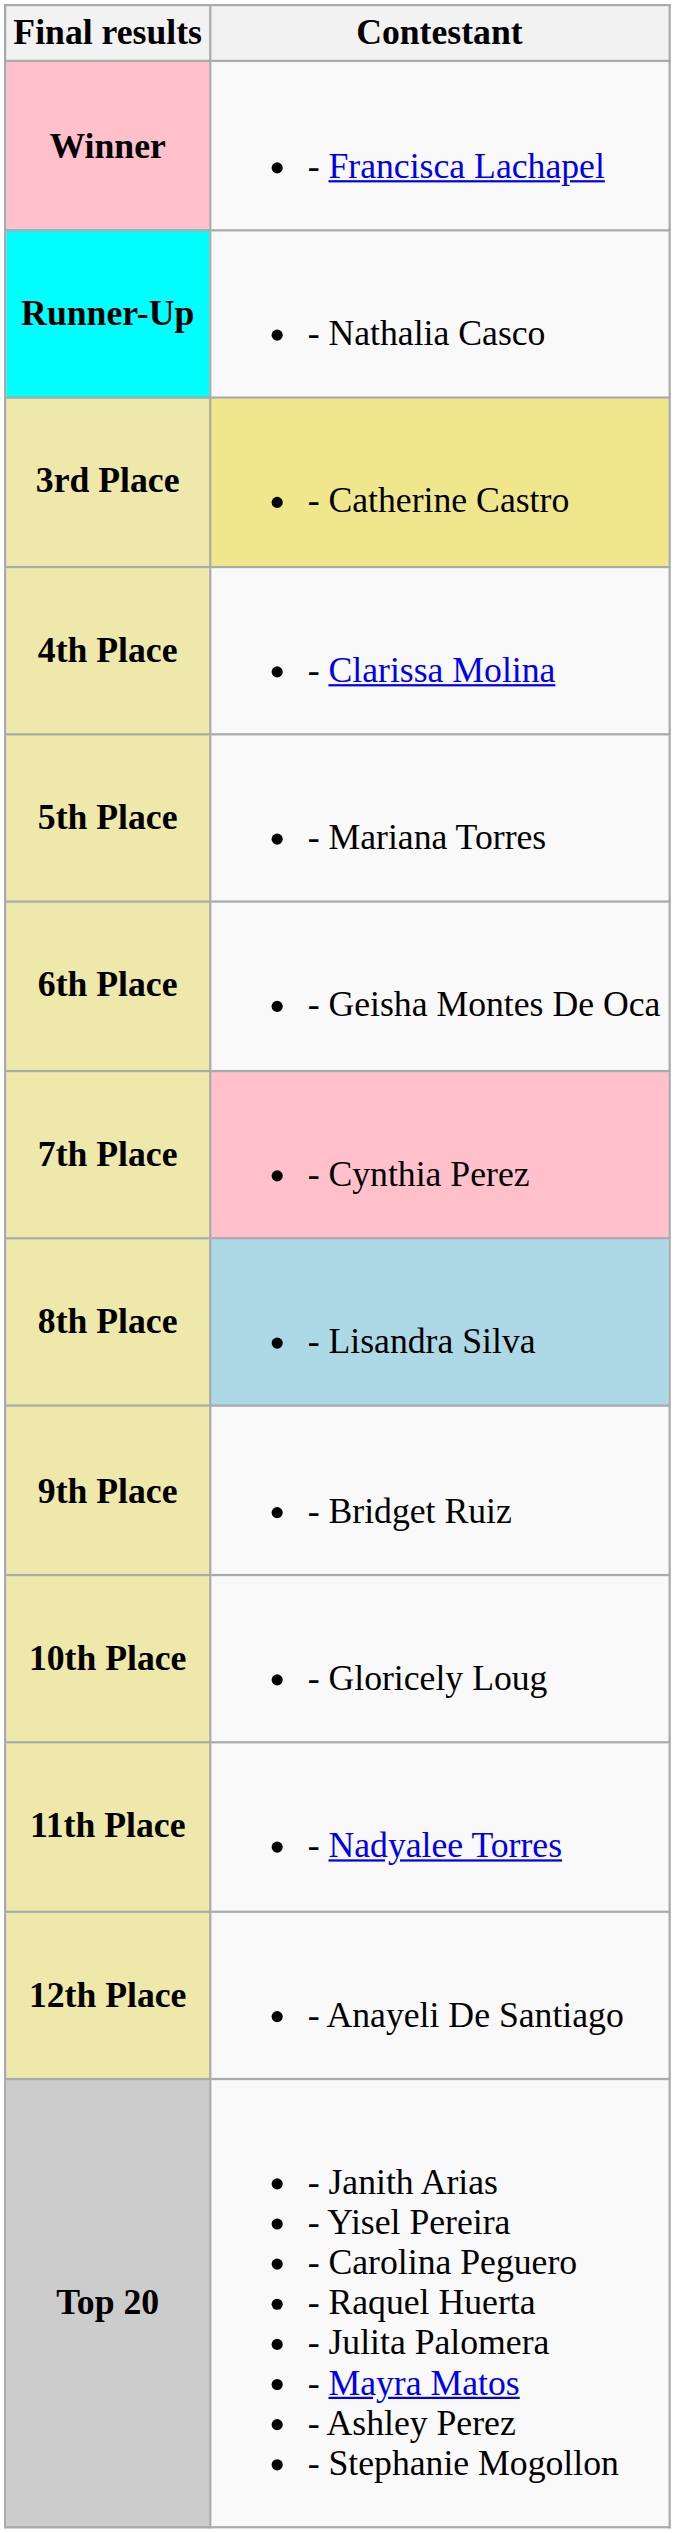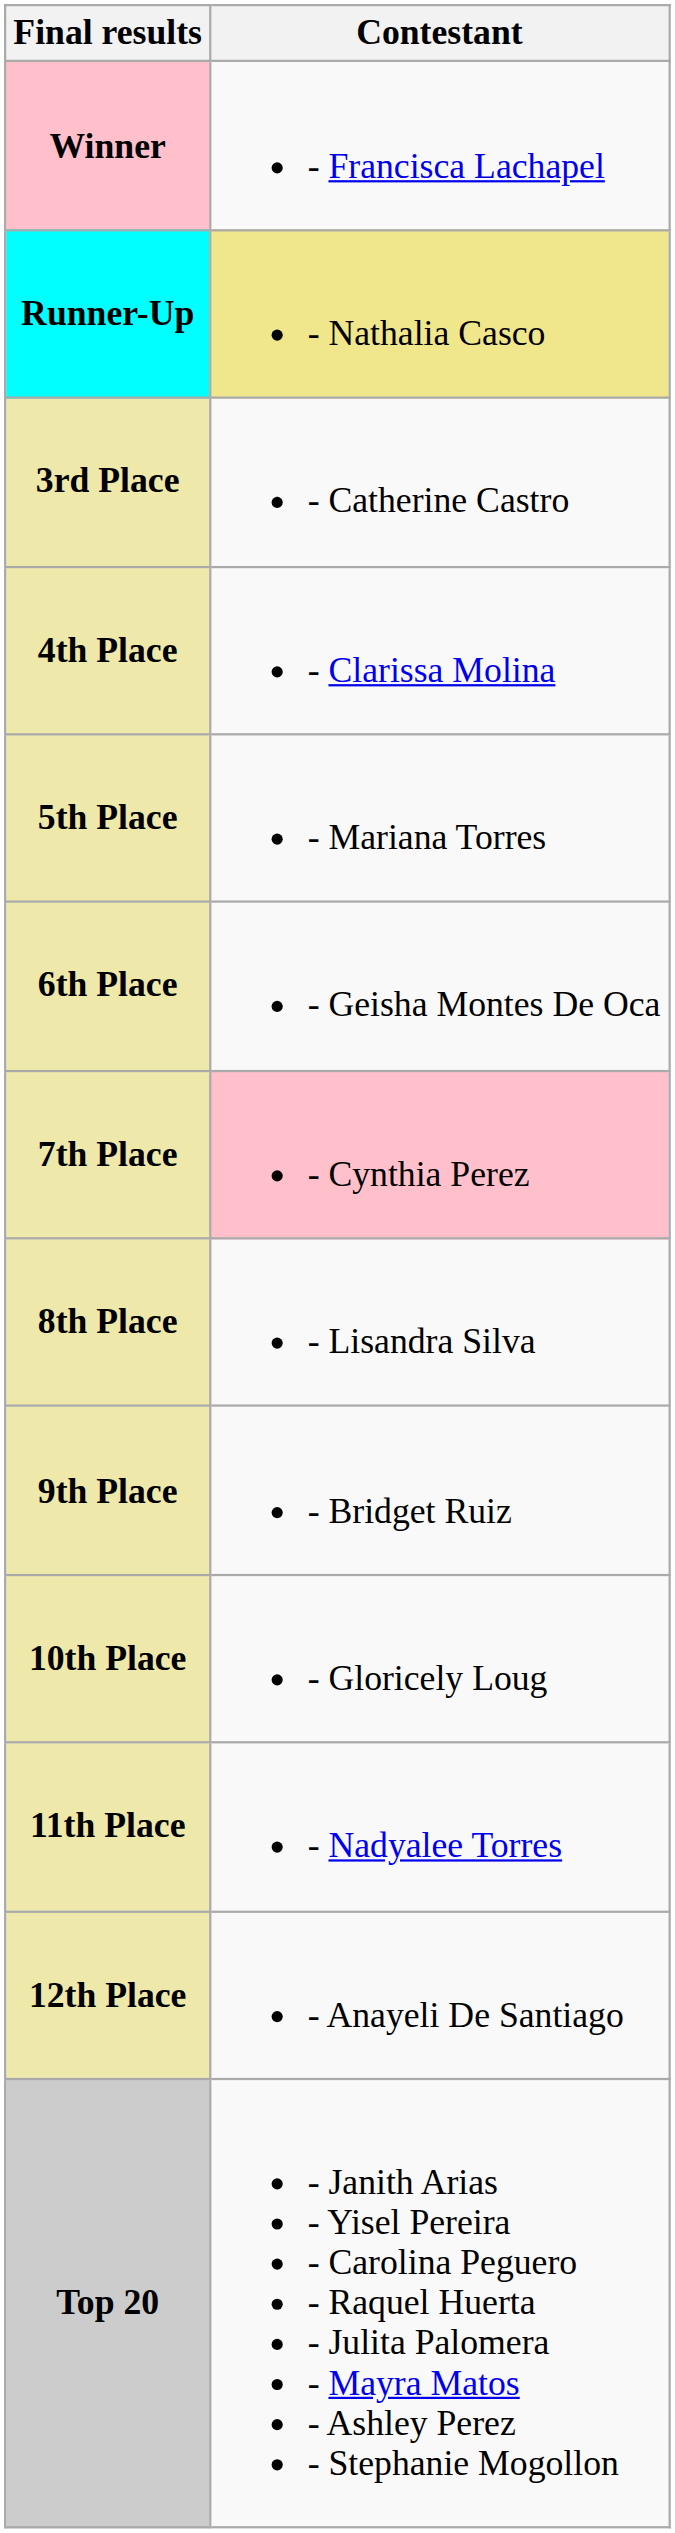 <table class="wikitable">
 <tr>
 <th>Final results</th>
 <th colspan="3">Contestant</th>
 </tr>
 <tr>
 <td style="text-align:center; background:pink;"><strong>Winner</strong></td>
 <td><br><ul><li><strong></strong> - <a href='#'>Francisca Lachapel</a></li></ul></td>
 </tr>
 <tr>
 <td style="text-align:center; background:cyan;"><strong>Runner-Up</strong></td>
-<td><br><ul><li><strong></strong> - Nathalia Casco</li></ul></td>
+<td style="background: khaki;"><br><ul><li><strong></strong> - Nathalia Casco</li></ul></td>
 </tr>
 <tr>
 <td style="text-align:center; background:palegoldenrod;"><strong>3rd Place</strong></td>
-<td style="background: khaki;"><br><ul><li><strong></strong> - Catherine Castro</li></ul></td>
+<td><br><ul><li><strong></strong> - Catherine Castro</li></ul></td>
 </tr>
 <tr>
 <td style="text-align:center; background:palegoldenrod;"><strong>4th Place</strong></td>
 <td><br><ul><li><strong></strong> - <a href='#'>Clarissa Molina</a></li></ul></td>
 </tr>
 <tr>
 <td style="text-align:center; background:palegoldenrod;"><strong>5th Place</strong></td>
 <td><br><ul><li><strong></strong> - Mariana Torres</li></ul></td>
 </tr>
 <tr>
 <td style="text-align:center; background:palegoldenrod;"><strong>6th Place</strong></td>
 <td><br><ul><li><strong></strong> - Geisha Montes De Oca</li></ul></td>
 </tr>
 <tr>
 <td style="text-align:center; background:palegoldenrod;"><strong>7th Place</strong></td>
 <td style="background: pink;"><br><ul><li><strong></strong> - Cynthia Perez</li></ul></td>
 </tr>
 <tr>
 <td style="text-align:center; background:palegoldenrod;"><strong>8th Place</strong></td>
-<td style="background: lightblue;"><br><ul><li><strong></strong> - Lisandra Silva</li></ul></td>
+<td><br><ul><li><strong></strong> - Lisandra Silva</li></ul></td>
 </tr>
 <tr>
 <td style="text-align:center; background:palegoldenrod;"><strong>9th Place</strong></td>
 <td><br><ul><li><strong></strong> - Bridget Ruiz</li></ul></td>
 </tr>
 <tr>
 <td style="text-align:center; background:palegoldenrod;"><strong>10th Place</strong></td>
 <td><br><ul><li><strong></strong> - Gloricely Loug</li></ul></td>
 </tr>
 <tr>
 <td style="text-align:center; background:palegoldenrod;"><strong>11th Place</strong></td>
 <td><br><ul><li><strong></strong> - <a href='#'>Nadyalee Torres</a></li></ul></td>
 </tr>
 <tr>
 <td style="text-align:center; background:palegoldenrod;"><strong>12th Place</strong></td>
 <td><br><ul><li><strong></strong> - Anayeli De Santiago</li></ul></td>
 </tr>
 <tr>
 <td style="text-align:center; background:#ccc;"><strong>Top 20</strong></td>
 <td><br><ul><li><strong></strong> - Janith Arias</li><li><strong></strong> - Yisel Pereira</li><li><strong></strong> - Carolina Peguero</li><li><strong></strong> - Raquel Huerta</li><li><strong></strong> - Julita Palomera</li><li><strong></strong> - <a href='#'>Mayra Matos</a></li><li><strong></strong> - Ashley Perez</li><li><strong></strong> - Stephanie Mogollon</li></ul></td>
 </tr>
 </table>
